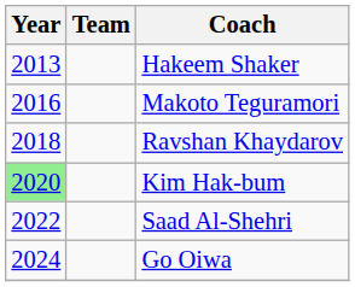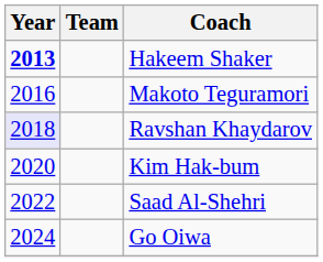 <table class="wikitable">
 <tr>
 <th>Year</th>
 <th>Team</th>
 <th>Coach</th>
 </tr>
 <tr>
-<td><a href='#'>2013</a></td>
+<td><strong><a href='#'>2013</a></strong></td>
 <td></td>
 <td> <a href='#'>Hakeem Shaker</a></td>
 </tr>
 <tr>
 <td><a href='#'>2016</a></td>
 <td></td>
 <td> <a href='#'>Makoto Teguramori</a></td>
 </tr>
 <tr>
-<td><a href='#'>2018</a></td>
+<td style="background: lavender;"><a href='#'>2018</a></td>
 <td></td>
 <td> <a href='#'>Ravshan Khaydarov</a></td>
 </tr>
 <tr>
-<td style="background: lightgreen;"><a href='#'>2020</a></td>
+<td><a href='#'>2020</a></td>
 <td></td>
 <td> <a href='#'>Kim Hak-bum</a></td>
 </tr>
 <tr>
 <td><a href='#'>2022</a></td>
 <td></td>
 <td> <a href='#'>Saad Al-Shehri</a></td>
 </tr>
 <tr>
 <td><a href='#'>2024</a></td>
 <td></td>
 <td> <a href='#'>Go Oiwa</a></td>
 </tr>
 <tr>
 </tr>
 </table>
